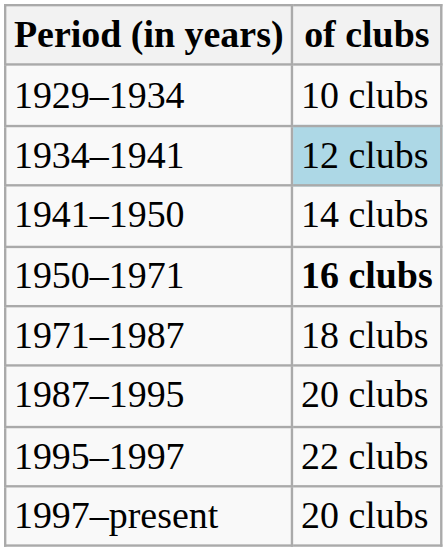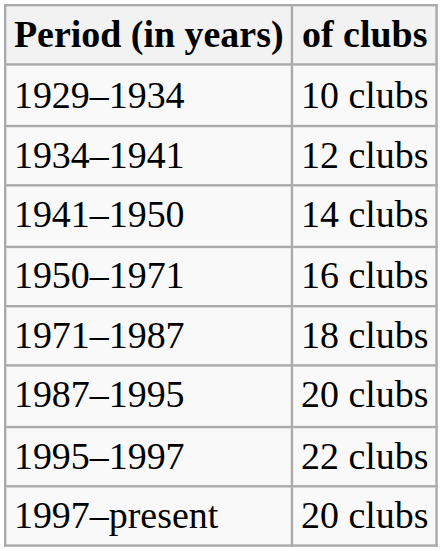 <table class="wikitable sortable mw-collapsible">
 <tr>
 <th>Period (in years)</th>
 <th> of clubs</th>
 </tr>
 <tr>
 <td>1929–1934</td>
 <td>10 clubs</td>
 </tr>
 <tr>
 <td>1934–1941</td>
-<td style="background: lightblue;">12 clubs</td>
+<td>12 clubs</td>
 </tr>
 <tr>
 <td>1941–1950</td>
 <td>14 clubs</td>
 </tr>
 <tr>
 <td>1950–1971</td>
-<td><strong>16 clubs</strong></td>
+<td>16 clubs</td>
 </tr>
 <tr>
 <td>1971–1987</td>
 <td>18 clubs</td>
 </tr>
 <tr>
 <td>1987–1995</td>
 <td>20 clubs</td>
 </tr>
 <tr>
 <td>1995–1997</td>
 <td>22 clubs</td>
 </tr>
 <tr>
 <td>1997–present</td>
 <td>20 clubs</td>
 </tr>
 </table>
